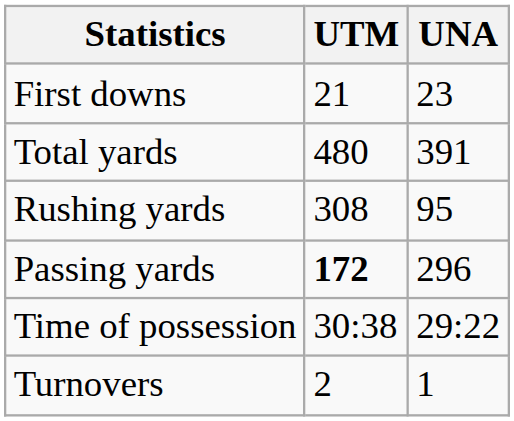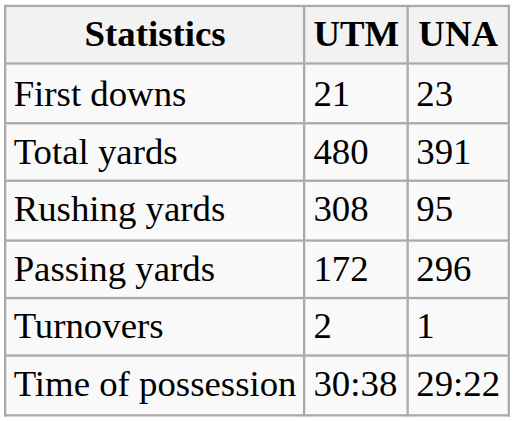 <table class="wikitable" style="float: left;">
 <tr>
 <th>Statistics</th>
 <th>UTM</th>
 <th>UNA</th>
 </tr>
 <tr>
 <td>First downs</td>
 <td>21</td>
 <td>23</td>
 </tr>
 <tr>
 <td>Total yards</td>
 <td>480</td>
 <td>391</td>
 </tr>
 <tr>
 <td>Rushing yards</td>
 <td>308</td>
 <td>95</td>
 </tr>
 <tr>
 <td>Passing yards</td>
-<td><strong>172</strong></td>
+<td>172</td>
 <td>296</td>
+</tr>
+<tr>
+<td>Turnovers</td>
+<td>2</td>
+<td>1</td>
 </tr>
 <tr>
 <td>Time of possession</td>
 <td>30:38</td>
 <td>29:22</td>
 </tr>
-<tr>
-<td>Turnovers</td>
-<td>2</td>
-<td>1</td>
-</tr>
 </table>
